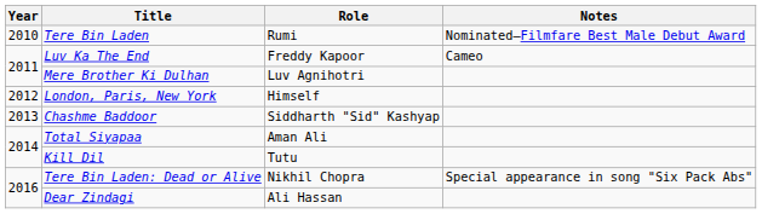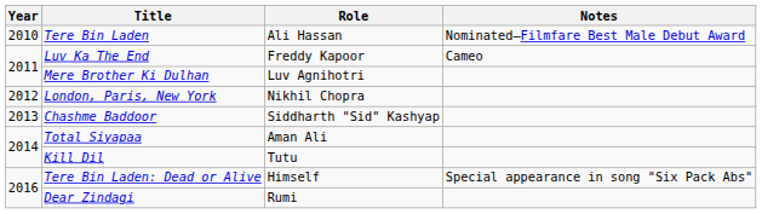 <table class="wikitable">
 <tr>
 <th>Year</th>
 <th>Title</th>
 <th>Role</th>
 <th>Notes</th>
 </tr>
 <tr>
 <td>2010</td>
 <td><em><a href='#'>Tere Bin Laden</a></em></td>
-<td>Rumi</td>
+<td>Ali Hassan</td>
 <td>Nominated—<a href='#'>Filmfare Best Male Debut Award</a></td>
 </tr>
 <tr>
 <td rowspan="2">2011</td>
 <td><em><a href='#'>Luv Ka The End</a></em></td>
 <td>Freddy Kapoor</td>
 <td>Cameo</td>
 </tr>
 <tr>
 <td><em><a href='#'>Mere Brother Ki Dulhan</a></em></td>
 <td>Luv Agnihotri</td>
 <td></td>
 </tr>
 <tr>
 <td>2012</td>
 <td><em><a href='#'>London, Paris, New York</a></em></td>
-<td>Himself</td>
+<td>Nikhil Chopra</td>
 <td></td>
 </tr>
 <tr>
 <td>2013</td>
 <td><em><a href='#'>Chashme Baddoor</a></em></td>
 <td>Siddharth "Sid" Kashyap</td>
 <td></td>
 </tr>
 <tr>
 <td rowspan="2">2014</td>
 <td><em><a href='#'>Total Siyapaa</a></em></td>
 <td>Aman Ali</td>
 <td></td>
 </tr>
 <tr>
 <td><em><a href='#'>Kill Dil</a></em></td>
 <td>Tutu</td>
 <td></td>
 </tr>
 <tr>
 <td rowspan="2">2016</td>
 <td><em><a href='#'>Tere Bin Laden: Dead or Alive</a></em></td>
-<td>Nikhil Chopra</td>
+<td>Himself</td>
 <td>Special appearance in song "Six Pack Abs"</td>
 </tr>
 <tr>
 <td><em><a href='#'>Dear Zindagi</a></em></td>
-<td>Ali Hassan</td>
+<td>Rumi</td>
 <td></td>
 </tr>
 </table>
